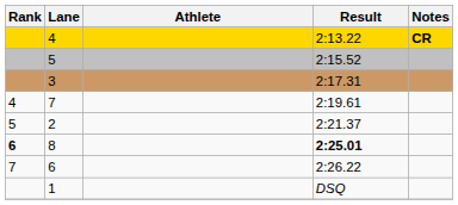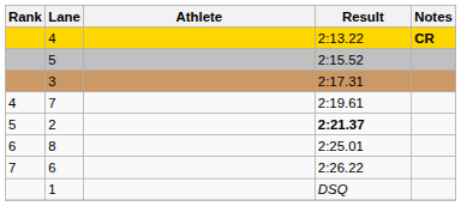 <table class="wikitable" style="font-size:95%" style="width:35em;" style="text-align:center">
 <tr>
 <th>Rank</th>
 <th>Lane</th>
 <th width=250>Athlete</th>
 <th width=100>Result</th>
 <th>Notes</th>
 </tr>
 <tr bgcolor=gold>
 <td></td>
 <td>4</td>
 <td align=left></td>
 <td>2:13.22</td>
 <td><strong>CR</strong></td>
 </tr>
 <tr bgcolor=silver>
 <td></td>
 <td>5</td>
 <td align=left></td>
 <td>2:15.52</td>
 <td></td>
 </tr>
 <tr bgcolor=cc9966>
 <td></td>
 <td>3</td>
 <td align=left></td>
 <td>2:17.31</td>
 <td></td>
 </tr>
 <tr>
 <td>4</td>
 <td>7</td>
 <td align=left></td>
 <td>2:19.61</td>
 <td></td>
 </tr>
 <tr>
 <td>5</td>
 <td>2</td>
 <td align=left></td>
-<td>2:21.37</td>
+<td><strong>2:21.37</strong></td>
 <td></td>
 </tr>
 <tr>
-<td><strong>6</strong></td>
+<td>6</td>
 <td>8</td>
 <td align=left></td>
-<td><strong>2:25.01</strong></td>
+<td>2:25.01</td>
 <td></td>
 </tr>
 <tr>
 <td>7</td>
 <td>6</td>
 <td align=left></td>
 <td>2:26.22</td>
 <td></td>
 </tr>
 <tr>
 <td></td>
 <td>1</td>
 <td align=left></td>
 <td><em>DSQ</em></td>
 <td></td>
 </tr>
 <tr>
 </tr>
 </table>
